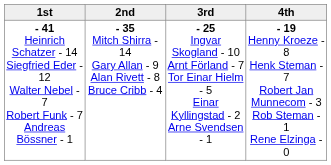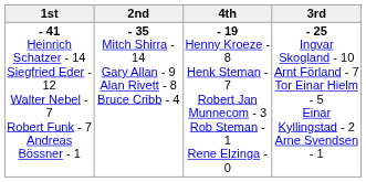 <table border=1 cellpadding=2 cellspacing=0 width=75% style="border-collapse:collapse">
 <tr align=center style="background:#efefef;">
 <th width=20% >1st</th>
 <th width=20% >2nd</th>
+<th width=20%>4th</th>
 <th width=20% >3rd</th>
-<th width=20%>4th</th>
 </tr>
 <tr align=center>
 <td valign=top ><strong> - 41</strong><br><a href='#'>Heinrich Schatzer</a> - 14<br><a href='#'>Siegfried Eder</a> - 12<br><a href='#'>Walter Nebel</a> - 7<br><a href='#'>Robert Funk</a> - 7<br><a href='#'>Andreas Bössner</a> - 1</td>
 <td valign=top ><strong> - 35</strong><br><a href='#'>Mitch Shirra</a> - 14<br><a href='#'>Gary Allan</a> - 9<br><a href='#'>Alan Rivett</a> - 8<br><a href='#'>Bruce Cribb</a> - 4</td>
+<td valign=top><strong> - 19</strong><br><a href='#'>Henny Kroeze</a> - 8<br><a href='#'>Henk Steman</a> - 7<br><a href='#'>Robert Jan Munnecom</a> - 3<br><a href='#'>Rob Steman</a> - 1<br><a href='#'>Rene Elzinga</a> - 0</td>
 <td valign=top ><strong> - 25</strong><br><a href='#'>Ingvar Skogland</a> - 10<br><a href='#'>Arnt Förland</a> - 7<br><a href='#'>Tor Einar Hielm</a> - 5<br><a href='#'>Einar Kyllingstad</a> - 2<br><a href='#'>Arne Svendsen</a> - 1</td>
-<td valign=top><strong> - 19</strong><br><a href='#'>Henny Kroeze</a> - 8<br><a href='#'>Henk Steman</a> - 7<br><a href='#'>Robert Jan Munnecom</a> - 3<br><a href='#'>Rob Steman</a> - 1<br><a href='#'>Rene Elzinga</a> - 0</td>
 </tr>
 </table>
